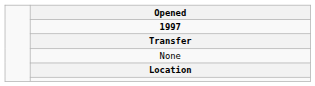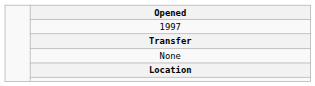 <table class=wikitable style="text-align: center; width: 450px; float:right">
 <tr>
 <td rowspan="6"></td>
 <th>Opened</th>
 </tr>
 <tr>
-<td><strong>1997</strong></td>
+<td>1997</td>
 </tr>
 <tr>
 <th>Transfer</th>
 </tr>
 <tr>
 <td>None</td>
 </tr>
 <tr>
 <th>Location</th>
 </tr>
 <tr>
 <td></td>
 </tr>
 </table>
